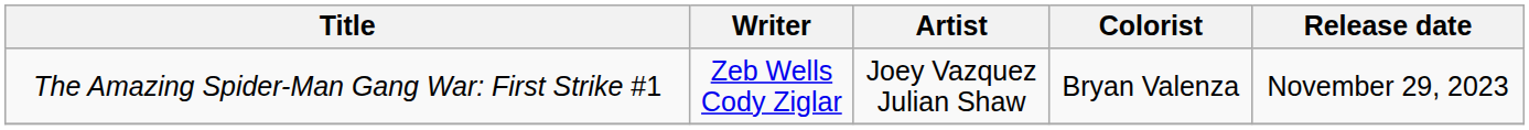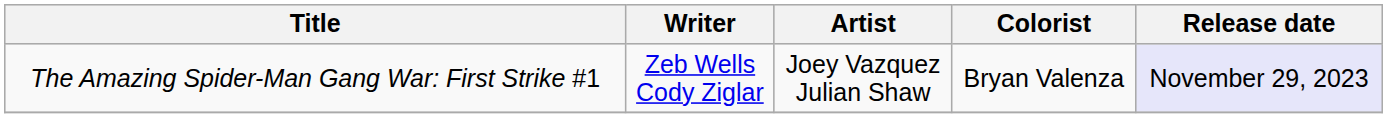 <table class="wikitable" style="text-align:center; width:100%">
 <tr>
 <th scope="col">Title</th>
 <th>Writer</th>
 <th>Artist</th>
 <th>Colorist</th>
 <th>Release date</th>
 </tr>
 <tr>
 <td><em>The Amazing Spider-Man Gang War: First Strike</em> #1</td>
 <td><a href='#'>Zeb Wells</a><br><a href='#'>Cody Ziglar</a></td>
 <td>Joey Vazquez<br>Julian Shaw</td>
 <td>Bryan Valenza</td>
-<td>November 29, 2023</td>
+<td style="background: lavender;">November 29, 2023</td>
 </tr>
 <tr>
 </tr>
 </table>
